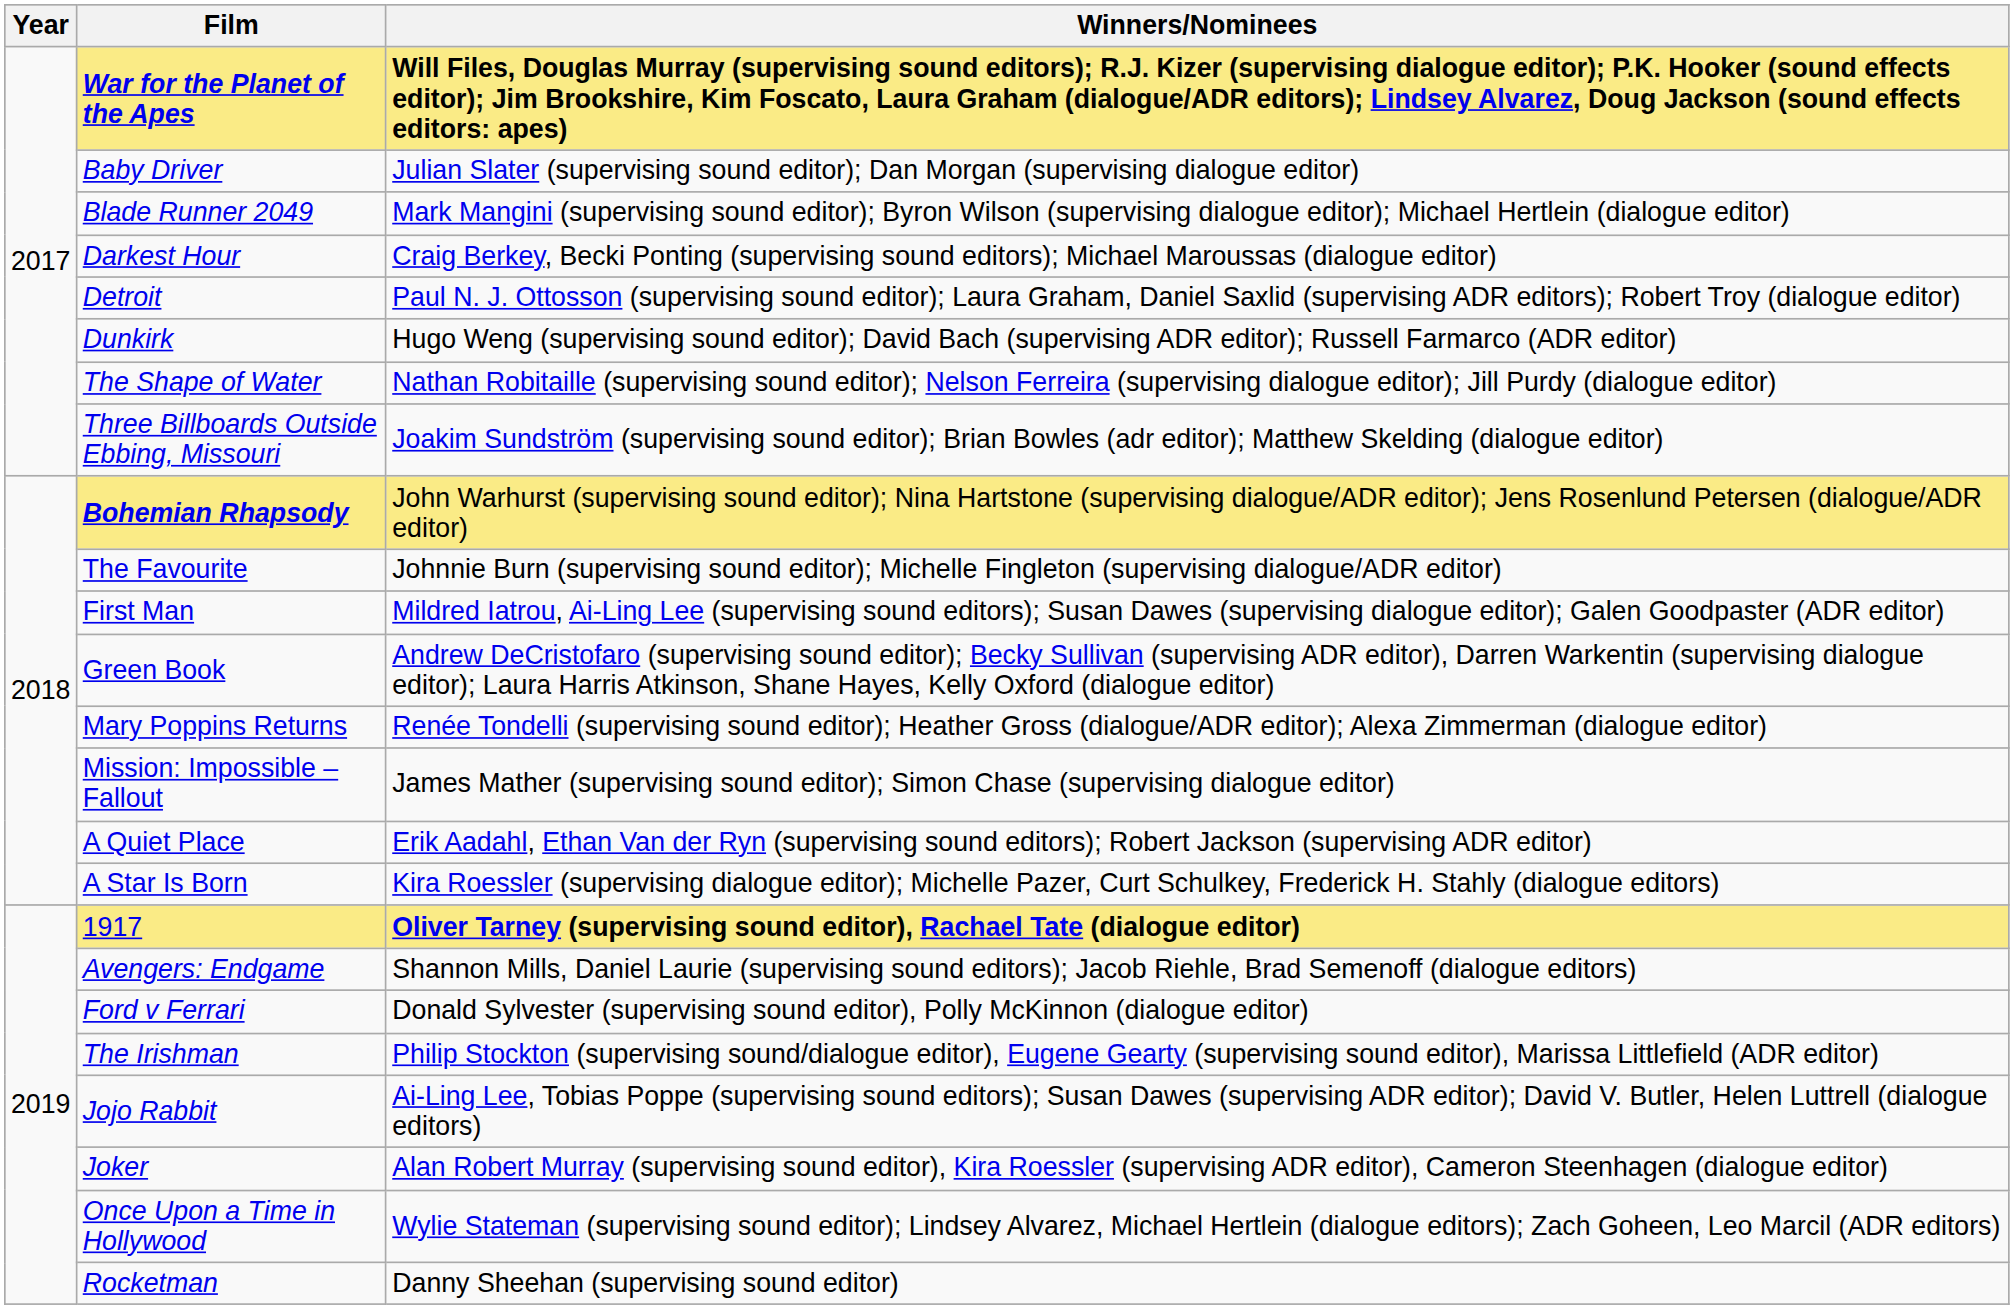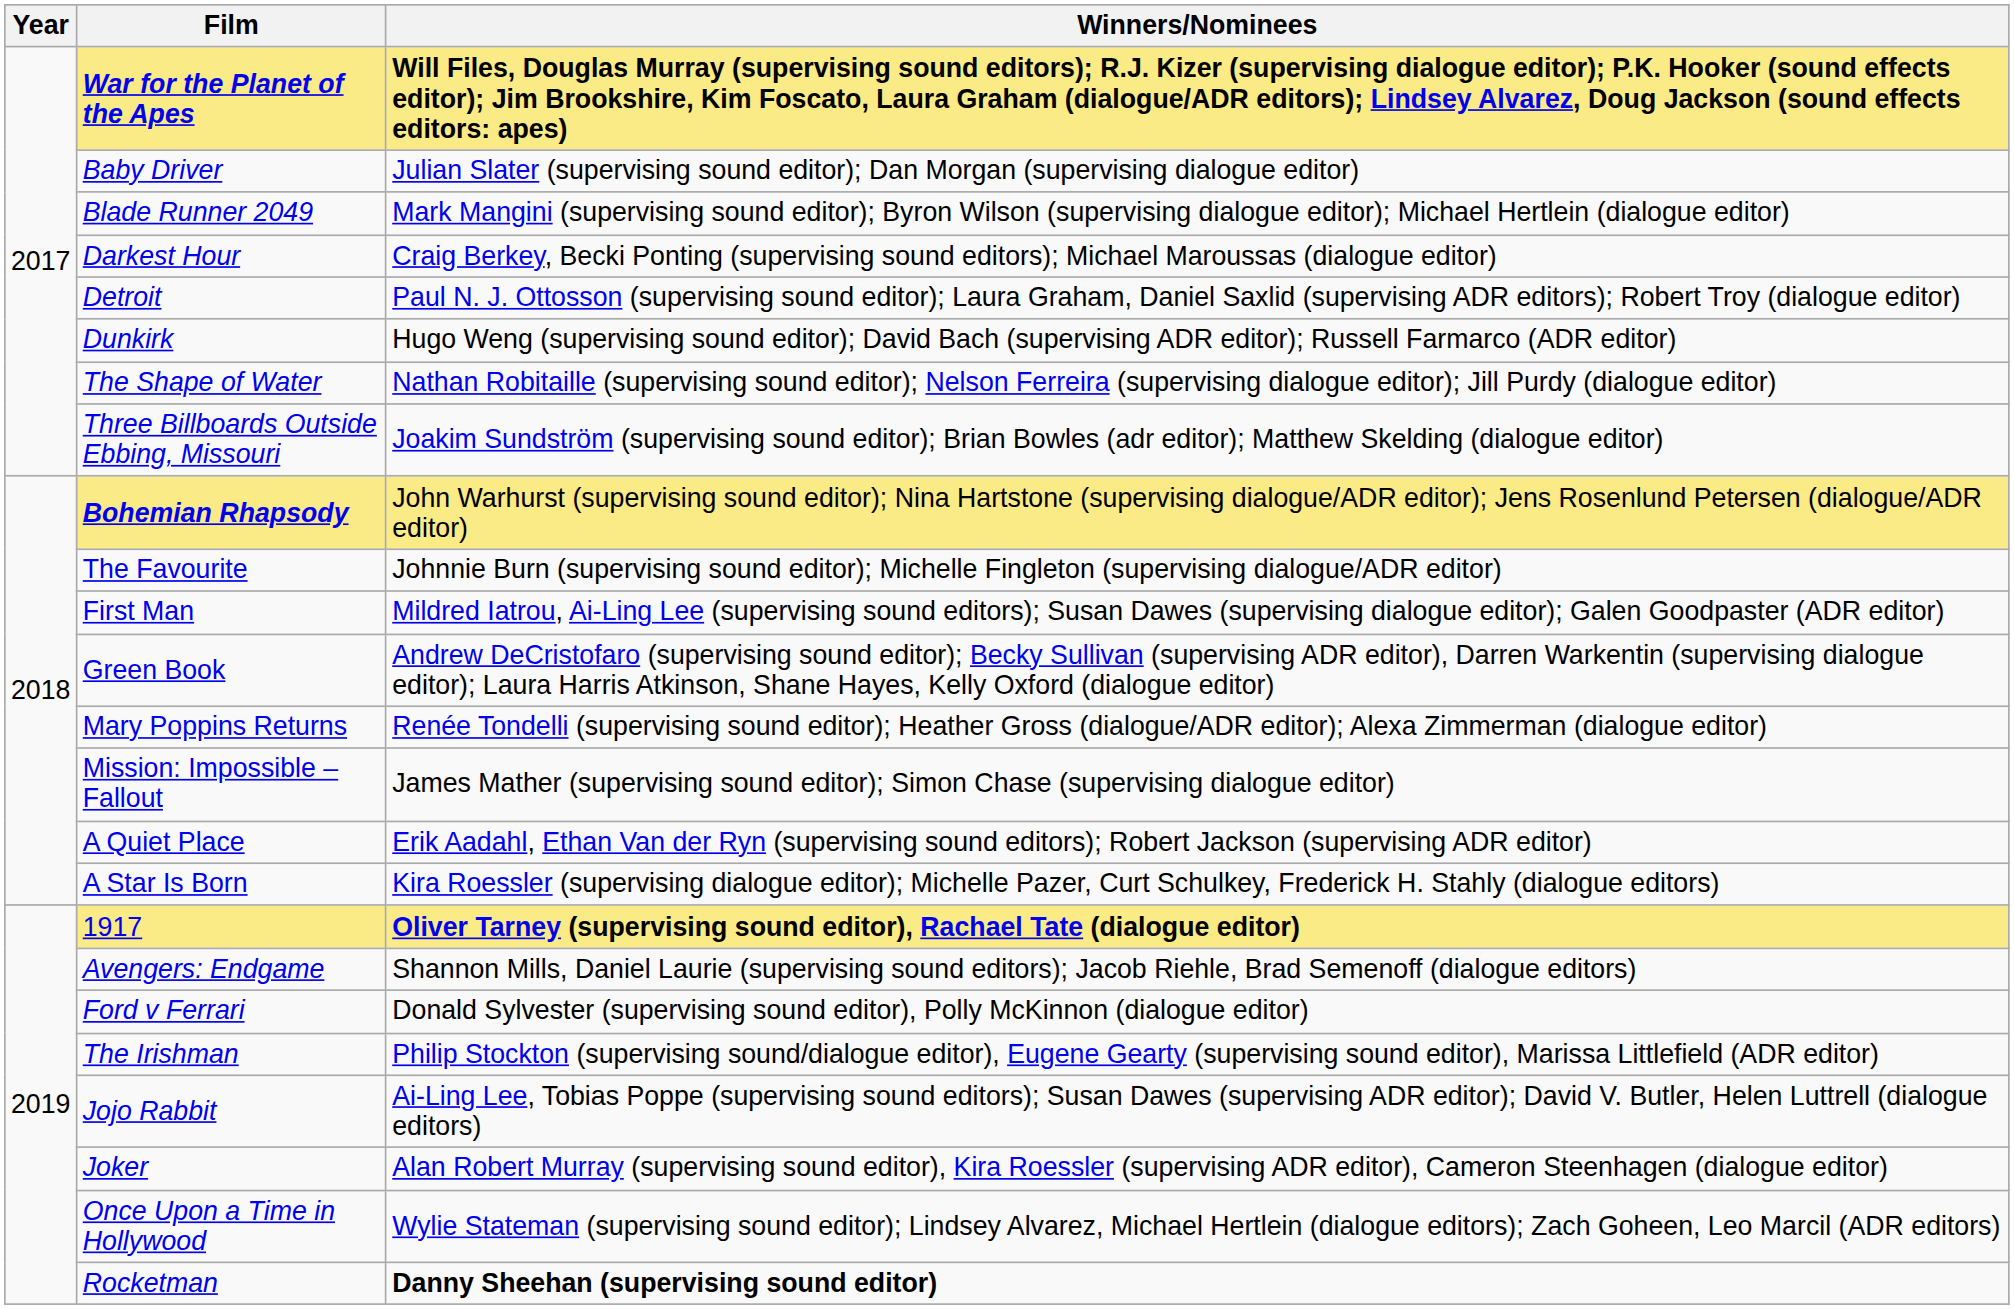 <table class="wikitable" width="95%" cellpadding="5">
 <tr>
 <th>Year</th>
 <th>Film</th>
 <th>Winners/Nominees</th>
 </tr>
 <tr>
 <td rowspan=8 style="text-align:center">2017<br></td>
 <td style="background:#FAEB86;"><strong><em><a href='#'>War for the Planet of the Apes</a></em></strong></td>
 <td style="background:#FAEB86;"><strong>Will Files, Douglas Murray (supervising sound editors); R.J. Kizer (supervising dialogue editor);  P.K. Hooker (sound effects editor); Jim Brookshire, Kim Foscato, Laura Graham (dialogue/ADR editors); <a href='#'>Lindsey Alvarez</a>, Doug Jackson (sound effects editors: apes)</strong></td>
 </tr>
 <tr>
 <td><em><a href='#'>Baby Driver</a></em></td>
 <td><a href='#'>Julian Slater</a> (supervising sound editor); Dan Morgan (supervising dialogue editor)</td>
 </tr>
 <tr>
 <td><em><a href='#'>Blade Runner 2049</a></em></td>
 <td><a href='#'>Mark Mangini</a> (supervising sound editor); Byron Wilson (supervising dialogue editor); Michael Hertlein (dialogue editor)</td>
 </tr>
 <tr>
 <td><em><a href='#'>Darkest Hour</a></em></td>
 <td><a href='#'>Craig Berkey</a>, Becki Ponting (supervising sound editors); Michael Maroussas (dialogue editor)</td>
 </tr>
 <tr>
 <td><em><a href='#'>Detroit</a></em></td>
 <td><a href='#'>Paul N. J. Ottosson</a> (supervising sound editor); Laura Graham, Daniel Saxlid (supervising ADR editors); Robert Troy (dialogue editor)</td>
 </tr>
 <tr>
 <td><em><a href='#'>Dunkirk</a></em></td>
 <td>Hugo Weng (supervising sound editor); David Bach (supervising ADR editor); Russell Farmarco (ADR editor)</td>
 </tr>
 <tr>
 <td><em><a href='#'>The Shape of Water</a></em></td>
 <td><a href='#'>Nathan Robitaille</a> (supervising sound editor); <a href='#'>Nelson Ferreira</a> (supervising dialogue editor); Jill Purdy (dialogue editor)</td>
 </tr>
 <tr>
 <td><em><a href='#'>Three Billboards Outside Ebbing, Missouri</a></em></td>
 <td><a href='#'>Joakim Sundström</a> (supervising sound editor); Brian Bowles (adr editor); Matthew Skelding (dialogue editor)</td>
 </tr>
 <tr>
 <td rowspan=8 style="text-align:center">2018<br></td>
 <td style="background:#FAEB86;"><strong><em><a href='#'>Bohemian Rhapsody</a><em> <strong></td>
 <td style="background:#FAEB86;"></strong>John Warhurst (supervising sound editor); Nina Hartstone (supervising dialogue/ADR editor); Jens Rosenlund Petersen (dialogue/ADR editor)<strong></td>
 </tr>
 <tr>
 <td></em><a href='#'>The Favourite</a><em></td>
 <td>Johnnie Burn (supervising sound editor); Michelle Fingleton (supervising dialogue/ADR editor)</td>
 </tr>
 <tr>
 <td></em><a href='#'>First Man</a><em></td>
 <td><a href='#'>Mildred Iatrou</a>, <a href='#'>Ai-Ling Lee</a> (supervising sound editors); Susan Dawes (supervising dialogue editor); Galen Goodpaster (ADR editor)</td>
 </tr>
 <tr>
 <td></em><a href='#'>Green Book</a><em></td>
 <td><a href='#'>Andrew DeCristofaro</a> (supervising sound editor); <a href='#'>Becky Sullivan</a> (supervising ADR editor), Darren Warkentin (supervising dialogue editor); Laura Harris Atkinson, Shane Hayes, Kelly Oxford (dialogue editor)</td>
 </tr>
 <tr>
 <td></em><a href='#'>Mary Poppins Returns</a><em></td>
 <td><a href='#'>Renée Tondelli</a> (supervising sound editor); Heather Gross (dialogue/ADR editor); Alexa Zimmerman (dialogue editor)</td>
 </tr>
 <tr>
 <td></em><a href='#'>Mission: Impossible – Fallout</a><em></td>
 <td>James Mather (supervising sound editor); Simon Chase (supervising dialogue editor)</td>
 </tr>
 <tr>
 <td></em><a href='#'>A Quiet Place</a><em></td>
 <td><a href='#'>Erik Aadahl</a>, <a href='#'>Ethan Van der Ryn</a> (supervising sound editors); Robert Jackson (supervising ADR editor)</td>
 </tr>
 <tr>
 <td></em><a href='#'>A Star Is Born</a><em></td>
 <td><a href='#'>Kira Roessler</a> (supervising dialogue editor); Michelle Pazer, Curt Schulkey, Frederick H. Stahly (dialogue editors)</td>
 </tr>
 <tr>
 <td rowspan=8 style="text-align:center">2019<br></td>
 <td style="background:#FAEB86;"></em></strong><a href='#'>1917</a></em> </strong></td>
 <td style="background:#FAEB86;"><strong><a href='#'>Oliver Tarney</a> (supervising sound editor), <a href='#'>Rachael Tate</a> (dialogue editor)</strong></td>
 </tr>
 <tr>
 <td><em><a href='#'>Avengers: Endgame</a></em></td>
 <td>Shannon Mills, Daniel Laurie (supervising sound editors); Jacob Riehle, Brad Semenoff (dialogue editors)</td>
 </tr>
 <tr>
 <td><em><a href='#'>Ford v Ferrari</a></em></td>
 <td>Donald Sylvester (supervising sound editor), Polly McKinnon (dialogue editor)</td>
 </tr>
 <tr>
 <td><em><a href='#'>The Irishman</a></em></td>
 <td><a href='#'>Philip Stockton</a> (supervising sound/dialogue editor), <a href='#'>Eugene Gearty</a> (supervising sound editor), Marissa Littlefield (ADR editor)</td>
 </tr>
 <tr>
 <td><em><a href='#'>Jojo Rabbit</a></em></td>
 <td><a href='#'>Ai-Ling Lee</a>, Tobias Poppe (supervising sound editors); Susan Dawes (supervising ADR editor); David V. Butler, Helen Luttrell (dialogue editors)</td>
 </tr>
 <tr>
 <td><em><a href='#'>Joker</a></em></td>
 <td><a href='#'>Alan Robert Murray</a> (supervising sound editor), <a href='#'>Kira Roessler</a> (supervising ADR editor), Cameron Steenhagen (dialogue editor)</td>
 </tr>
 <tr>
 <td><em><a href='#'>Once Upon a Time in Hollywood</a></em></td>
 <td><a href='#'>Wylie Stateman</a> (supervising sound editor); Lindsey Alvarez, Michael Hertlein (dialogue editors); Zach Goheen, Leo Marcil (ADR editors)</td>
 </tr>
 <tr>
 <td><em><a href='#'>Rocketman</a></em></td>
-<td>Danny Sheehan (supervising sound editor)</td>
+<td><strong>Danny Sheehan (supervising sound editor)</strong></td>
 </tr>
 </table>
